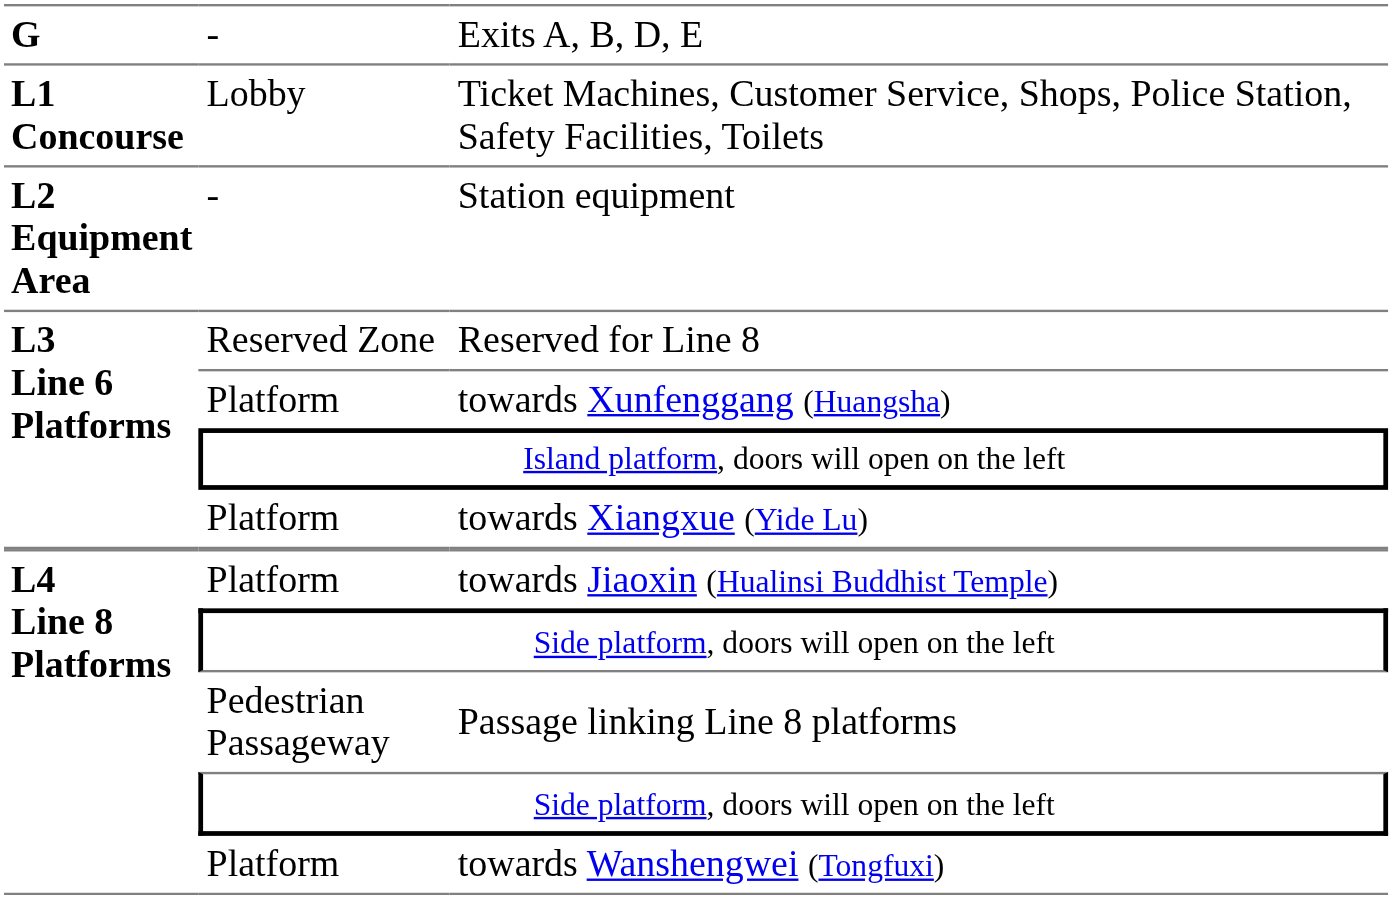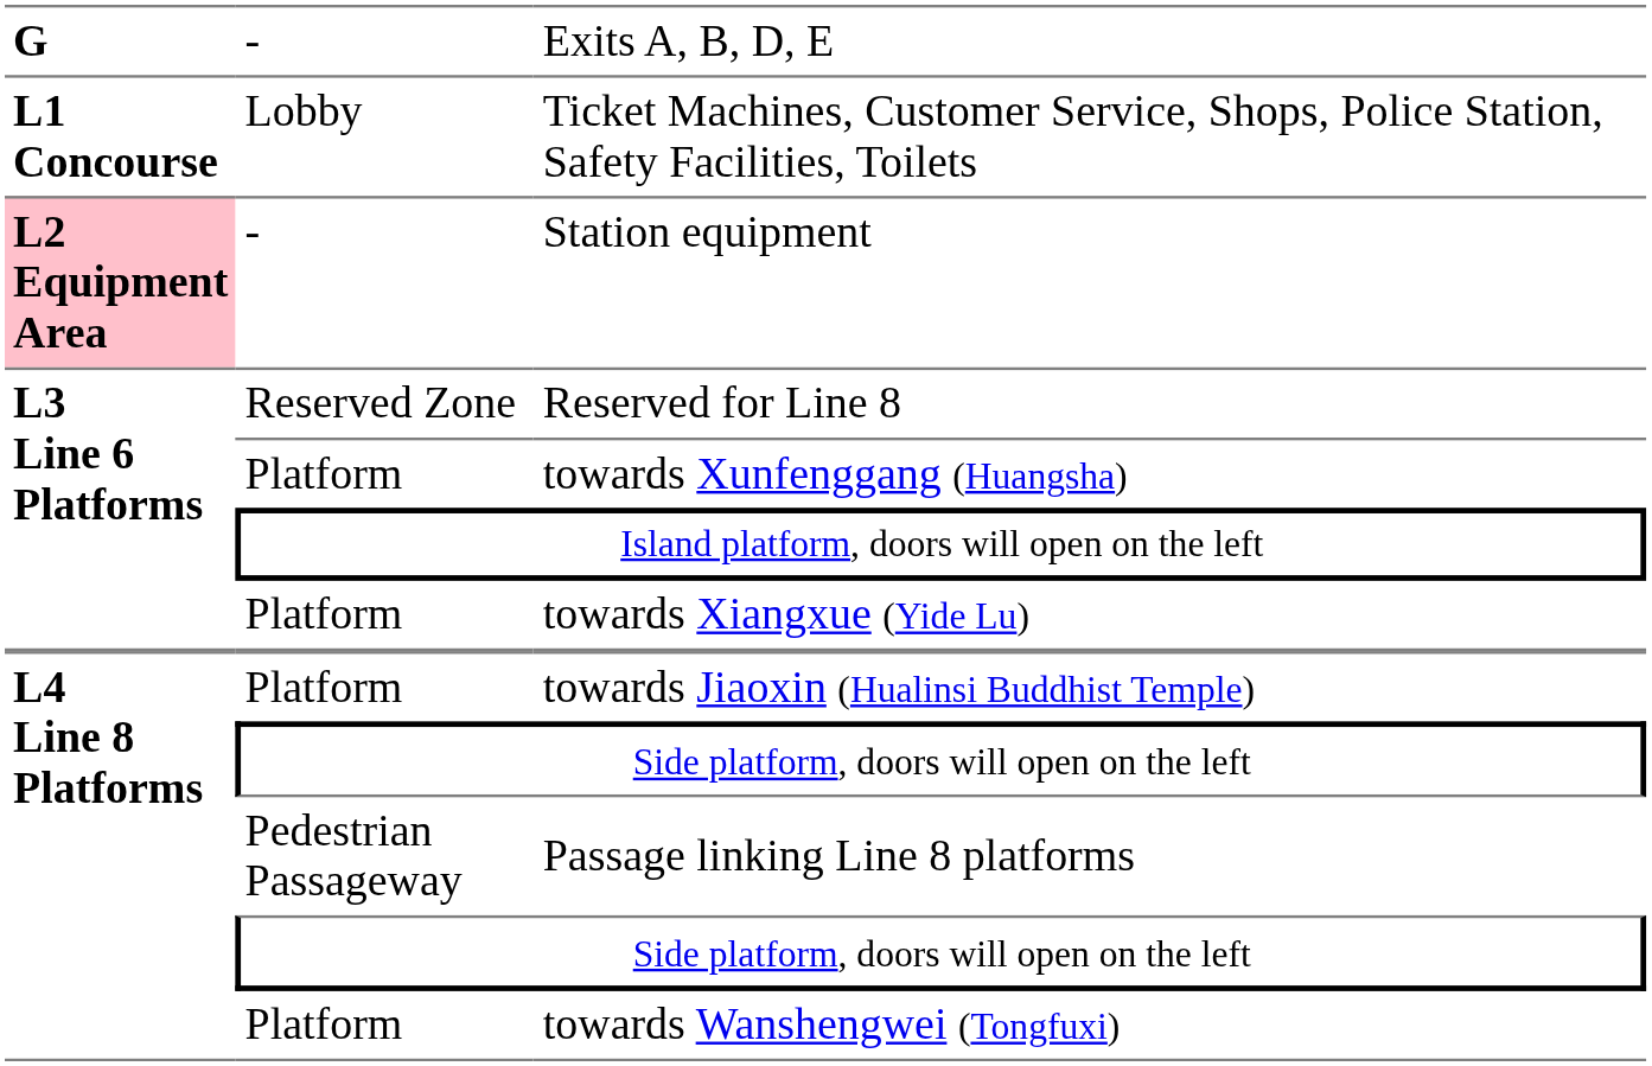 <table table border=0 cellspacing=0 cellpadding=3>
 <tr>
 <td style="border-top:solid 1px gray;" width=50 valign=top><strong>G</strong></td>
 <td style="border-top:solid 1px gray;" width=100 valign=top>-</td>
 <td style="border-top:solid 1px gray;" width=390 valign=top>Exits A, B, D, E</td>
 </tr>
 <tr>
 <td style="border-bottom:solid 0px gray; border-top:solid 1px gray;" valign=top><strong>L1<br>Concourse</strong></td>
 <td style="border-bottom:solid 0px gray; border-top:solid 1px gray;" valign=top>Lobby</td>
 <td style="border-bottom:solid 0px gray; border-top:solid 1px gray;" valign=top>Ticket Machines, Customer Service, Shops, Police Station, Safety Facilities, Toilets</td>
 </tr>
 <tr>
-<td style="border-bottom:solid 0px gray; border-top:solid 1px gray;" valign=top><strong>L2<br>Equipment Area</strong></td>
+<td style="background: pink; border-bottom:solid 0px gray; border-top:solid 1px gray;" valign=top><strong>L2<br>Equipment Area</strong></td>
 <td style="border-bottom:solid 0px gray; border-top:solid 1px gray;" valign=top>-</td>
 <td style="border-bottom:solid 0px gray; border-top:solid 1px gray;" valign=top>Station equipment</td>
 </tr>
 <tr>
 <td style="border-bottom:solid 1px gray; border-top:solid 1px gray;" valign=top rowspan=4><strong>L3<br>Line 6 Platforms</strong></td>
 <td style="border-bottom:solid 0px gray; border-top:solid 1px gray;" valign=top>Reserved Zone</td>
 <td style="border-bottom:solid 0px gray; border-top:solid 1px gray;" valign=top>Reserved for Line 8</td>
 </tr>
 <tr>
 <td style="border-top:solid 1px gray;">Platform </td>
 <td style="border-top:solid 1px gray;">  towards <a href='#'>Xunfenggang</a> <small>(<a href='#'>Huangsha</a>)</small></td>
 </tr>
 <tr>
 <td style="border-top:solid 2px black;border-right:solid 2px black;border-left:solid 2px black;border-bottom:solid 2px black;font-size:smaller;text-align:center;" colspan=2><a href='#'>Island platform</a>, doors will open on the left</td>
 </tr>
 <tr>
 <td style="border-bottom:solid 1px gray;">Platform </td>
 <td style="border-bottom:solid 1px gray;"> towards <a href='#'>Xiangxue</a> <small>(<a href='#'>Yide Lu</a>)</small> </td>
 </tr>
 <tr>
 <td style="border-bottom:solid 1px gray; border-top:solid 1px gray;" valign=top width=50 rowspan=5><strong>L4<br>Line 8 Platforms</strong></td>
 <td style="border-top:solid 1px gray;">Platform </td>
 <td style="border-top:solid 1px gray;">  towards <a href='#'>Jiaoxin</a> <small>(<a href='#'>Hualinsi Buddhist Temple</a>)</small></td>
 </tr>
 <tr>
 <td style="border-right:solid 2px black;border-left:solid 2px black;border-top:solid 2px black;border-bottom:solid 1px gray;text-align:center" colspan=2><small><a href='#'>Side platform</a>, doors will open on the left</small></td>
 </tr>
 <tr>
 <td>Pedestrian Passageway</td>
 <td>Passage linking Line 8 platforms</td>
 </tr>
 <tr>
 <td style="border-right:solid 2px black;border-left:solid 2px black;border-top:solid 1px gray;border-bottom:solid 2px black;text-align:center" colspan=2><small><a href='#'>Side platform</a>, doors will open on the left</small></td>
 </tr>
 <tr>
 <td style="border-bottom:solid 1px gray;">Platform </td>
 <td style="border-bottom:solid 1px gray;"> towards <a href='#'>Wanshengwei</a> <small>(<a href='#'>Tongfuxi</a>)</small> </td>
 </tr>
 </table>
